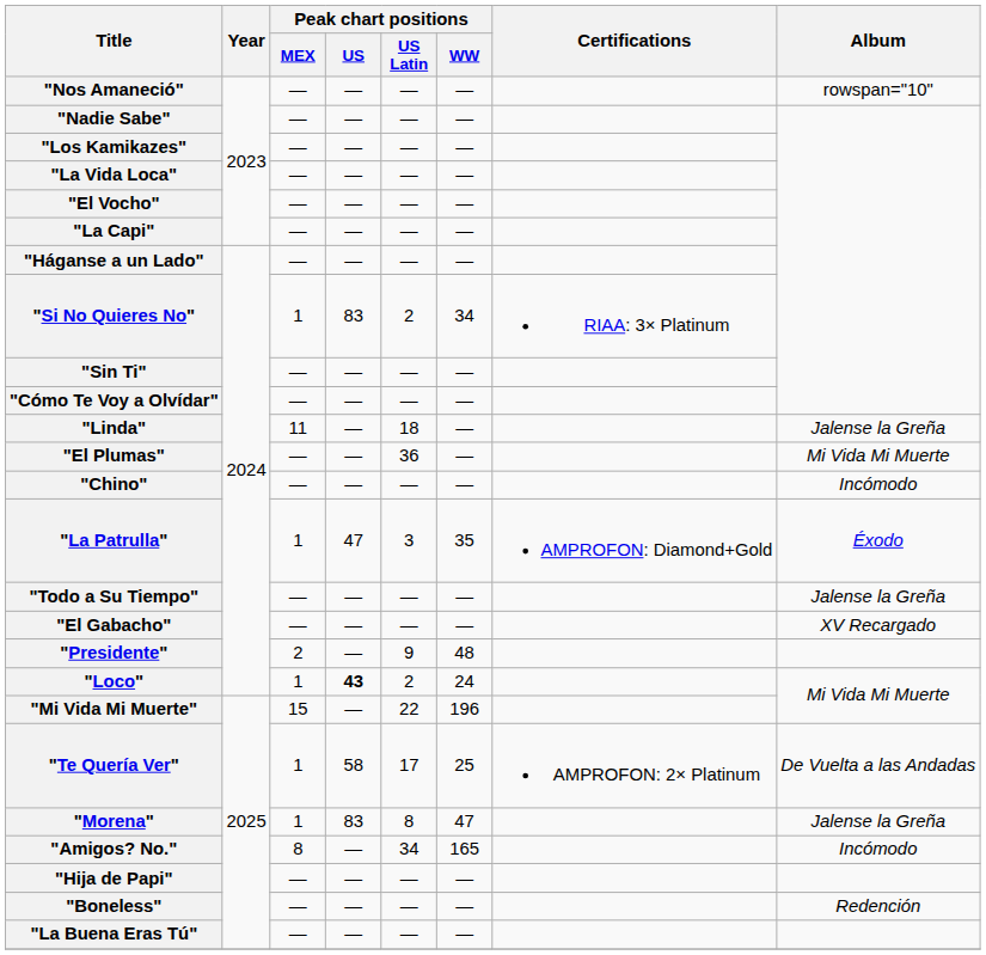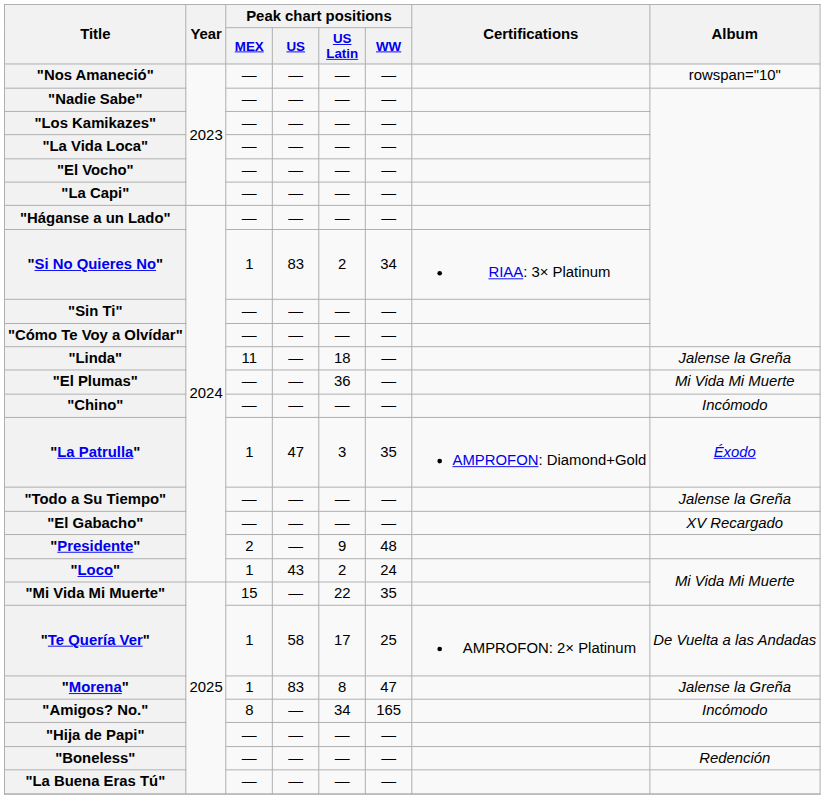 <table class="wikitable plainrowheaders" style="text-align: center">
 <tr>
 <th scope="col" rowspan="2">Title</th>
 <th scope="col" rowspan="2">Year</th>
 <th scope="col" colspan="4">Peak chart positions</th>
 <th scope="col" rowspan="2">Certifications</th>
 <th scope="col" rowspan="2">Album</th>
 </tr>
 <tr>
 <th scope="col" style="width:3em; font-size:90%"><a href='#'>MEX</a><br></th>
 <th scope="col" style="width:3em; font-size:90%"><a href='#'>US</a><br></th>
 <th scope="col" style="width:3em; font-size:90%"><a href='#'>US<br>Latin</a><br></th>
 <th scope="col" style="width:3em; font-size:90%"><a href='#'>WW</a><br></th>
 </tr>
 <tr>
 <th scope="row">"Nos Amaneció"</th>
 <td rowspan="6">2023</td>
 <td>—</td>
 <td>—</td>
 <td>—</td>
 <td>—</td>
 <td></td>
 <td>rowspan="10" </td>
 </tr>
 <tr>
 <th scope="row">"Nadie Sabe"<br></th>
 <td>—</td>
 <td>—</td>
 <td>—</td>
 <td>—</td>
 <td></td>
 </tr>
 <tr>
 <th scope="row">"Los Kamikazes"<br></th>
 <td>—</td>
 <td>—</td>
 <td>—</td>
 <td>—</td>
 <td></td>
 </tr>
 <tr>
 <th scope="row">"La Vida Loca"<br></th>
 <td>—</td>
 <td>—</td>
 <td>—</td>
 <td>—</td>
 <td></td>
 </tr>
 <tr>
 <th scope="row">"El Vocho"<br></th>
 <td>—</td>
 <td>—</td>
 <td>—</td>
 <td>—</td>
 <td></td>
 </tr>
 <tr>
 <th scope="row">"La Capi"</th>
 <td>—</td>
 <td>—</td>
 <td>—</td>
 <td>—</td>
 <td></td>
 </tr>
 <tr>
 <th scope="row">"Háganse a un Lado"<br></th>
 <td rowspan="12">2024</td>
 <td>—</td>
 <td>—</td>
 <td>—</td>
 <td>—</td>
 <td></td>
 </tr>
 <tr>
 <th scope="row">"<a href='#'>Si No Quieres No</a>"<br></th>
 <td>1</td>
 <td>83</td>
 <td>2</td>
 <td>34</td>
 <td><br><ul><li><a href='#'>RIAA</a>: 3× Platinum</li></ul></td>
 </tr>
 <tr>
 <th scope="row">"Sin Ti"</th>
 <td>—</td>
 <td>—</td>
 <td>—</td>
 <td>—</td>
 <td></td>
 </tr>
 <tr>
 <th scope="row">"Cómo Te Voy a Olvídar"</th>
 <td>—</td>
 <td>—</td>
 <td>—</td>
 <td>—</td>
 <td></td>
 </tr>
 <tr>
 <th scope="row">"Linda"<br></th>
 <td>11</td>
 <td>—</td>
 <td>18</td>
 <td>—</td>
 <td></td>
 <td><em>Jalense la Greña</em></td>
 </tr>
 <tr>
 <th scope="row">"El Plumas"<br></th>
 <td>—</td>
 <td>—</td>
 <td>36</td>
 <td>—</td>
 <td></td>
 <td><em>Mi Vida Mi Muerte</em></td>
 </tr>
 <tr>
 <th scope="row">"Chino"<br></th>
 <td>—</td>
 <td>—</td>
 <td>—</td>
 <td>—</td>
 <td></td>
 <td><em>Incómodo</em></td>
 </tr>
 <tr>
 <th scope="row">"<a href='#'>La Patrulla</a>"<br></th>
 <td>1</td>
 <td>47</td>
 <td>3</td>
 <td>35</td>
 <td><br><ul><li><a href='#'>AMPROFON</a>: Diamond+Gold</li></ul></td>
 <td><em><a href='#'>Éxodo</a></em></td>
 </tr>
 <tr>
 <th scope="row">"Todo a Su Tiempo"</th>
 <td>—</td>
 <td>—</td>
 <td>—</td>
 <td>—</td>
 <td></td>
 <td><em>Jalense la Greña</em></td>
 </tr>
 <tr>
 <th scope="row">"El Gabacho"<br></th>
 <td>—</td>
 <td>—</td>
 <td>—</td>
 <td>—</td>
 <td></td>
 <td><em>XV Recargado</em></td>
 </tr>
 <tr>
 <th scope="row">"<a href='#'>Presidente</a>"<br></th>
 <td>2</td>
 <td>—</td>
 <td>9</td>
 <td>48</td>
 <td></td>
 <td></td>
 </tr>
 <tr>
 <th scope="row">"<a href='#'>Loco</a>"</th>
 <td>1</td>
-<td><strong>43</strong></td>
+<td>43</td>
 <td>2</td>
 <td>24</td>
 <td></td>
 <td rowspan="2"><em>Mi Vida Mi Muerte</em></td>
 </tr>
 <tr>
 <th scope="row">"Mi Vida Mi Muerte"</th>
 <td rowspan="7">2025</td>
 <td>15</td>
 <td>—</td>
 <td>22</td>
-<td>196</td>
+<td>35</td>
 <td></td>
 </tr>
 <tr>
 <th scope="row">"<a href='#'>Te Quería Ver</a>"<br></th>
 <td>1</td>
 <td>58</td>
 <td>17</td>
 <td>25</td>
 <td><br><ul><li>AMPROFON: 2× Platinum</li></ul></td>
 <td><em>De Vuelta a las Andadas</em></td>
 </tr>
 <tr>
 <th scope="row">"<a href='#'>Morena</a>"<br></th>
 <td>1</td>
 <td>83</td>
 <td>8</td>
 <td>47</td>
 <td></td>
 <td><em>Jalense la Greña</em></td>
 </tr>
 <tr>
 <th scope="row">"Amigos? No."<br></th>
 <td>8</td>
 <td>—</td>
 <td>34</td>
 <td>165</td>
 <td></td>
 <td><em>Incómodo</em></td>
 </tr>
 <tr>
 <th scope="row">"Hija de Papi"<br></th>
 <td>—</td>
 <td>—</td>
 <td>—</td>
 <td>—</td>
 <td></td>
 </tr>
 <tr>
 <th scope="row">"Boneless"<br></th>
 <td>—</td>
 <td>—</td>
 <td>—</td>
 <td>—</td>
 <td></td>
 <td><em>Redención</em></td>
 </tr>
 <tr>
 <th scope="row">"La Buena Eras Tú"<br></th>
 <td>—</td>
 <td>—</td>
 <td>—</td>
 <td>—</td>
 <td></td>
 <td></td>
 </tr>
 <tr>
 </tr>
 </table>
